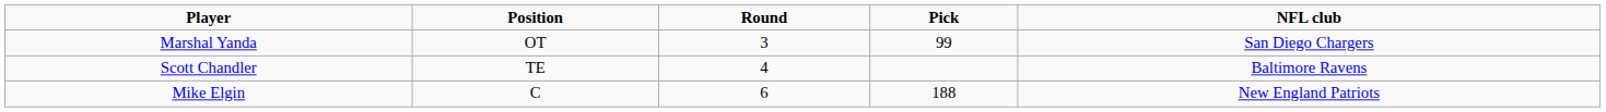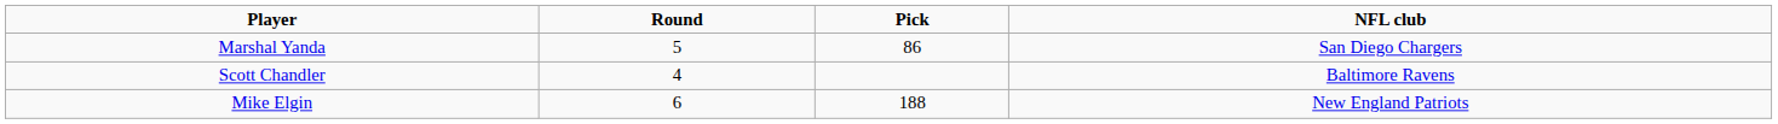 <table class="wikitable" width="80%">
 <tr align="center">
 <td><strong>Player</strong></td>
-<td><strong>Position</strong></td>
 <td><strong>Round</strong></td>
 <td><strong>Pick</strong></td>
 <td><strong>NFL club</strong></td>
 </tr>
 <tr style="text-align:center;" bgcolor="">
 <td><a href='#'>Marshal Yanda</a></td>
-<td>OT</td>
-<td>3</td>
-<td>99</td>
+<td>5</td>
+<td>86</td>
 <td><a href='#'>San Diego Chargers</a></td>
 </tr>
 <tr style="text-align:center;" bgcolor="">
 <td><a href='#'>Scott Chandler</a></td>
-<td>TE</td>
 <td>4</td>
 <td></td>
 <td><a href='#'>Baltimore Ravens</a></td>
 </tr>
 <tr style="text-align:center;" bgcolor="">
 <td><a href='#'>Mike Elgin</a></td>
-<td>C</td>
 <td>6</td>
 <td>188</td>
 <td><a href='#'>New England Patriots</a></td>
 </tr>
 </table>
